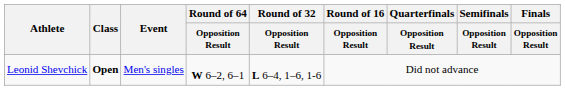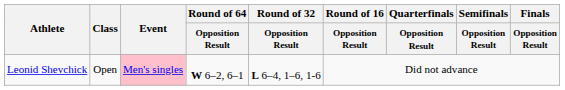 <table class=wikitable style="font-size:90%">
 <tr>
 <th rowspan="2">Athlete</th>
 <th rowspan="2">Class</th>
 <th rowspan="2">Event</th>
 <th>Round of 64</th>
 <th>Round of 32</th>
 <th>Round of 16</th>
 <th>Quarterfinals</th>
 <th>Semifinals</th>
 <th>Finals</th>
 </tr>
 <tr>
 <th style="line-height:1em"><small>Opposition<br>Result</small></th>
 <th style="line-height:1em"><small>Opposition<br>Result</small></th>
 <th style="line-height:1em"><small>Opposition<br>Result</small></th>
 <th style=”line-height:1em”><small>Opposition<br>Result</small></th>
 <th style="line-height:1em"><small>Opposition<br>Result</small></th>
 <th style="line-height:1em"><small>Opposition<br>Result</small></th>
 </tr>
 <tr>
 <td><a href='#'>Leonid Shevchick</a></td>
-<td style="text-align:center;"><strong>Open</strong></td>
-<td><a href='#'>Men's singles</a></td>
+<td style="text-align:center;">Open</td>
+<td style="background: pink;"><a href='#'>Men's singles</a></td>
 <td style="text-align:center;"><br><strong>W</strong> 6–2, 6–1</td>
 <td style="text-align:center;"><br><strong>L</strong> 6–4, 1–6, 1-6</td>
 <td style="text-align:center;" colspan="4">Did not advance</td>
 </tr>
 </table>
